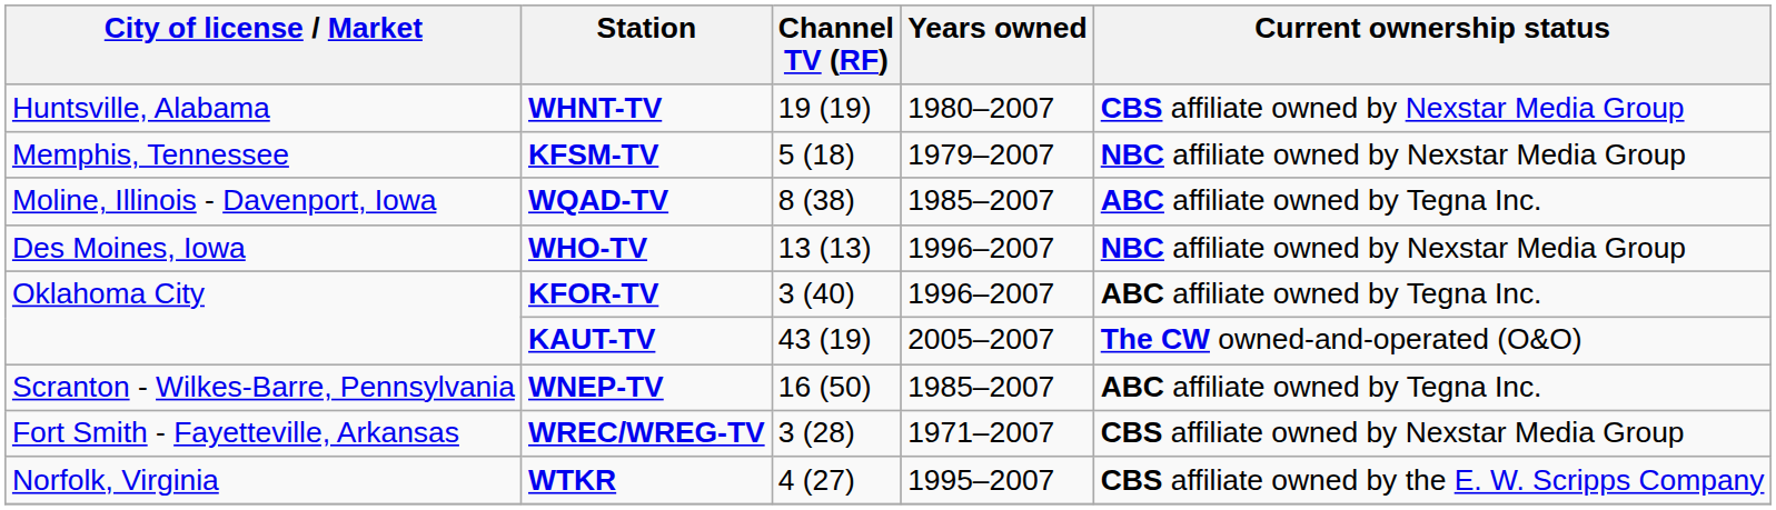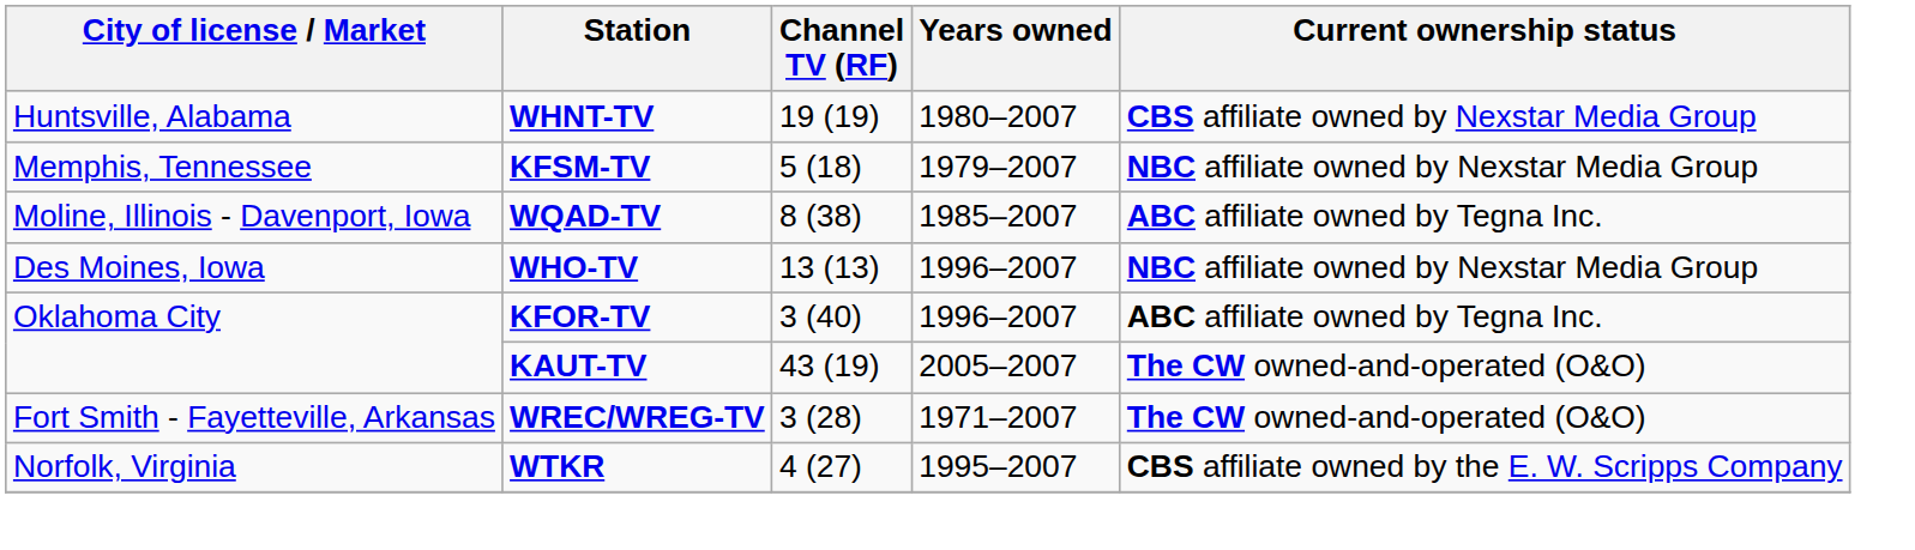 <table class="wikitable">
 <tr style="vertical-align: top; text-align: left;">
 <th><a href='#'>City of license</a> / <a href='#'>Market</a></th>
 <th>Station</th>
 <th>Channel<br><a href='#'>TV</a> (<a href='#'>RF</a>)</th>
 <th>Years owned</th>
 <th>Current ownership status</th>
 </tr>
 <tr style="vertical-align: top; text-align: left;">
 <td><a href='#'>Huntsville, Alabama</a></td>
 <td><strong><a href='#'>WHNT-TV</a></strong></td>
 <td>19 (19)</td>
 <td>1980–2007</td>
 <td><strong><a href='#'>CBS</a></strong> affiliate owned by <a href='#'>Nexstar Media Group</a></td>
 </tr>
 <tr style="vertical-align: top; text-align: left;">
 <td><a href='#'>Memphis, Tennessee</a></td>
 <td><strong><a href='#'>KFSM-TV</a></strong></td>
 <td>5 (18)</td>
 <td>1979–2007</td>
 <td><strong><a href='#'>NBC</a></strong> affiliate owned by Nexstar Media Group</td>
 </tr>
 <tr style="vertical-align: top; text-align: left;">
 <td><a href='#'>Moline, Illinois</a> - <a href='#'>Davenport, Iowa</a></td>
 <td><strong><a href='#'>WQAD-TV</a></strong></td>
 <td>8 (38)</td>
 <td>1985–2007</td>
 <td><strong><a href='#'>ABC</a></strong> affiliate owned by Tegna Inc.</td>
 </tr>
 <tr style="vertical-align: top; text-align: left;">
 <td><a href='#'>Des Moines, Iowa</a></td>
 <td><strong><a href='#'>WHO-TV</a></strong></td>
 <td>13 (13)</td>
 <td>1996–2007</td>
 <td><strong><a href='#'>NBC</a></strong> affiliate owned by Nexstar Media Group</td>
 </tr>
 <tr style="vertical-align: top; text-align: left;">
 <td rowspan="2"><a href='#'>Oklahoma City</a></td>
 <td><strong><a href='#'>KFOR-TV</a></strong></td>
 <td>3 (40)</td>
 <td>1996–2007</td>
 <td><strong>ABC</strong> affiliate owned by Tegna Inc.</td>
 </tr>
 <tr style="vertical-align: top; text-align: left;">
 <td><strong><a href='#'>KAUT-TV</a></strong></td>
 <td>43 (19)</td>
 <td>2005–2007</td>
 <td><strong><a href='#'>The CW</a></strong> owned-and-operated (O&O)</td>
 </tr>
 <tr style="vertical-align: top; text-align: left;">
-<td><a href='#'>Scranton</a> - <a href='#'>Wilkes-Barre, Pennsylvania</a></td>
-<td><strong><a href='#'>WNEP-TV</a></strong></td>
-<td>16 (50)</td>
-<td>1985–2007</td>
-<td><strong>ABC</strong> affiliate owned by Tegna Inc.</td>
-</tr>
-<tr style="vertical-align: top; text-align: left;">
 <td><a href='#'>Fort Smith</a> - <a href='#'>Fayetteville, Arkansas</a></td>
 <td><strong><a href='#'>WREC/WREG-TV</a></strong></td>
 <td>3 (28)</td>
 <td>1971–2007</td>
-<td><strong>CBS</strong> affiliate owned by Nexstar Media Group</td>
+<td><strong><a href='#'>The CW</a></strong> owned-and-operated (O&O)</td>
 </tr>
 <tr style="vertical-align: top; text-align: left;">
 <td><a href='#'>Norfolk, Virginia</a></td>
 <td><strong><a href='#'>WTKR</a></strong></td>
 <td>4 (27)</td>
 <td>1995–2007</td>
 <td><strong>CBS</strong> affiliate owned by the <a href='#'>E. W. Scripps Company</a></td>
 </tr>
 <tr style="vertical-align: top; text-align: left,;">
 </tr>
 </table>
